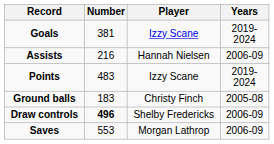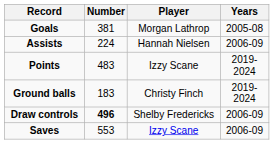 <table class="wikitable">
 <tr>
 <th style="width:120px; ">Record</th>
 <th style="width:35px; ">Number</th>
 <th style="width:140px; ">Player</th>
 <th style="width:70px; ">Years</th>
 </tr>
 <tr style="text-align:center;">
 <td><strong>Goals</strong></td>
 <td>381</td>
-<td><a href='#'>Izzy Scane</a></td>
-<td>2019-2024</td>
+<td>Morgan Lathrop</td>
+<td>2005-08</td>
 </tr>
 <tr style="text-align:center;">
 <td><strong>Assists</strong></td>
-<td>216</td>
+<td>224</td>
 <td>Hannah Nielsen</td>
 <td>2006-09</td>
 </tr>
 <tr style="text-align:center;">
 <td><strong>Points</strong></td>
 <td>483</td>
 <td>Izzy Scane</td>
 <td>2019-2024</td>
 </tr>
 <tr style="text-align:center;">
 <td><strong>Ground balls</strong></td>
 <td>183</td>
 <td>Christy Finch</td>
-<td>2005-08</td>
+<td>2019-2024</td>
 </tr>
 <tr style="text-align:center;">
 <td><strong>Draw controls</strong></td>
 <td><strong>496</strong></td>
 <td>Shelby Fredericks</td>
 <td>2006-09</td>
 </tr>
 <tr style="text-align:center;">
 <td><strong>Saves</strong></td>
 <td>553</td>
-<td>Morgan Lathrop</td>
+<td><a href='#'>Izzy Scane</a></td>
 <td>2006-09</td>
 </tr>
 </table>
